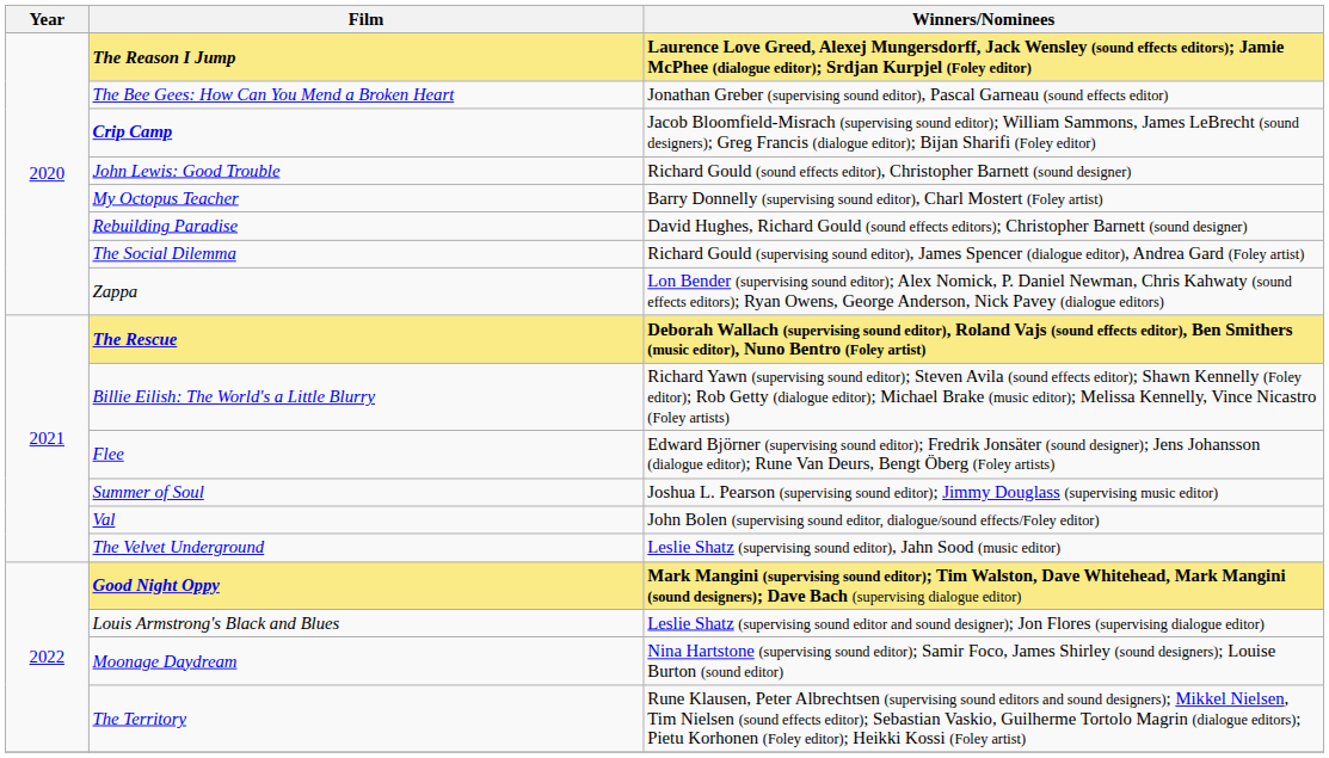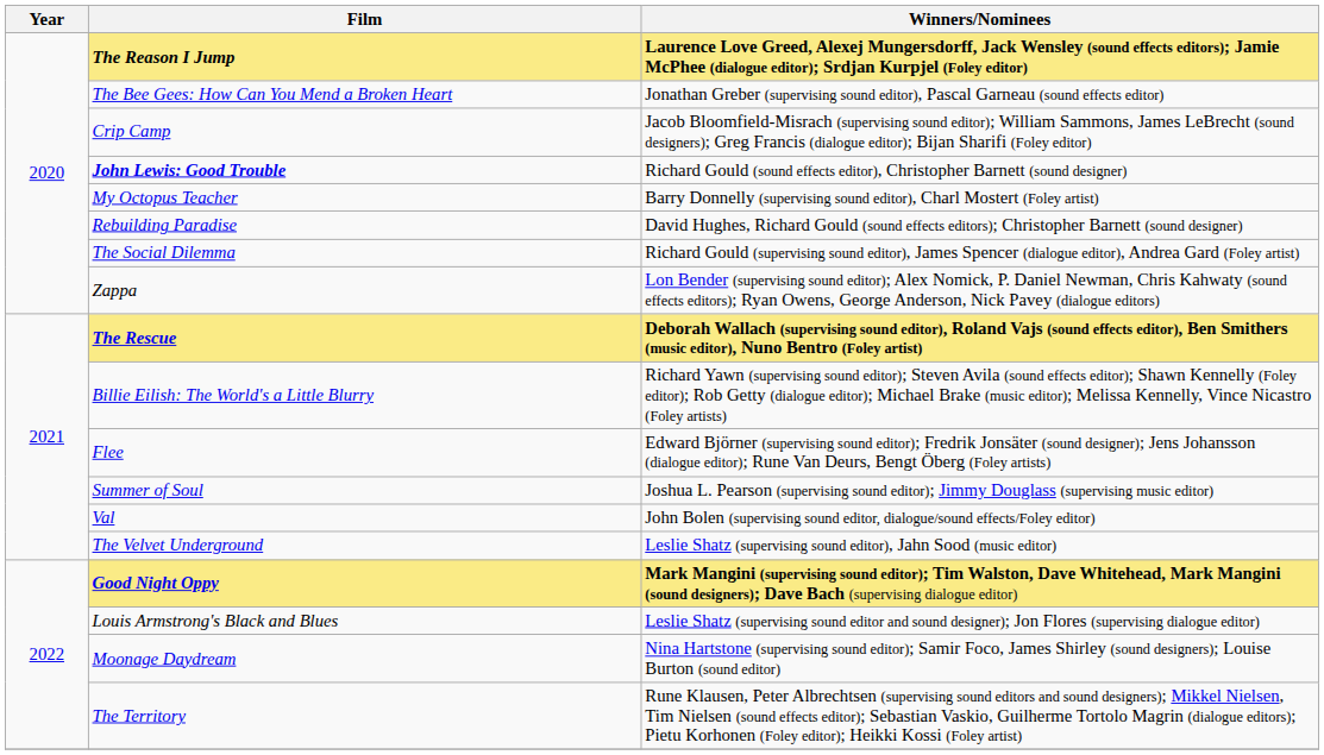 <table class="wikitable" width="95%" cellpadding="5">
 <tr>
 <th width="6%">Year</th>
 <th width="40%">Film</th>
 <th width="49%">Winners/Nominees</th>
 </tr>
 <tr>
 <td rowspan=8 style="text-align:center"><a href='#'>2020</a><br></td>
 <td style="background:#FAEB86;"><strong><em>The Reason I Jump</em></strong></td>
 <td style="background:#FAEB86;"><strong>Laurence Love Greed, Alexej Mungersdorff, Jack Wensley <small>(sound effects editors)</small>; Jamie McPhee <small>(dialogue editor)</small>; Srdjan Kurpjel <small>(Foley editor)</small></strong></td>
 </tr>
 <tr>
 <td><em><a href='#'>The Bee Gees: How Can You Mend a Broken Heart</a></em></td>
 <td>Jonathan Greber <small>(supervising sound editor)</small>, Pascal Garneau <small>(sound effects editor)</small></td>
 </tr>
 <tr>
-<td><strong><em><a href='#'>Crip Camp</a></em></strong></td>
+<td><em><a href='#'>Crip Camp</a></em></td>
 <td>Jacob Bloomfield-Misrach <small>(supervising sound editor)</small>; William Sammons, James LeBrecht <small>(sound designers)</small>; Greg Francis <small>(dialogue editor)</small>; Bijan Sharifi <small>(Foley editor)</small></td>
 </tr>
 <tr>
-<td><em><a href='#'>John Lewis: Good Trouble</a></em></td>
+<td><strong><em><a href='#'>John Lewis: Good Trouble</a></em></strong></td>
 <td>Richard Gould <small>(sound effects editor)</small>, Christopher Barnett <small>(sound designer)</small></td>
 </tr>
 <tr>
 <td><em><a href='#'>My Octopus Teacher</a></em></td>
 <td>Barry Donnelly <small>(supervising sound editor)</small>, Charl Mostert <small>(Foley artist)</small></td>
 </tr>
 <tr>
 <td><em><a href='#'>Rebuilding Paradise</a></em></td>
 <td>David Hughes, Richard Gould <small>(sound effects editors)</small>; Christopher Barnett <small>(sound designer)</small></td>
 </tr>
 <tr>
 <td><em><a href='#'>The Social Dilemma</a></em></td>
 <td>Richard Gould <small>(supervising sound editor)</small>, James Spencer <small>(dialogue editor)</small>, Andrea Gard <small>(Foley artist)</small></td>
 </tr>
 <tr>
 <td><em>Zappa</em></td>
 <td><a href='#'>Lon Bender</a> <small>(supervising sound editor)</small>; Alex Nomick, P. Daniel Newman, Chris Kahwaty <small>(sound effects editors)</small>; Ryan Owens, George Anderson, Nick Pavey <small>(dialogue editors)</small></td>
 </tr>
 <tr>
 <td rowspan=6 style="text-align:center"><a href='#'>2021</a><br></td>
 <td style="background:#FAEB86;"><strong><em><a href='#'>The Rescue</a></em></strong></td>
 <td style="background:#FAEB86;"><strong>Deborah Wallach <small>(supervising sound editor)</small>, Roland Vajs <small>(sound effects editor)</small>, Ben Smithers <small>(music editor)</small>, Nuno Bentro <small>(Foley artist)</small></strong></td>
 </tr>
 <tr>
 <td><em><a href='#'>Billie Eilish: The World's a Little Blurry</a></em></td>
 <td>Richard Yawn <small>(supervising sound editor)</small>; Steven Avila <small>(sound effects editor)</small>; Shawn Kennelly <small>(Foley editor)</small>; Rob Getty <small>(dialogue editor)</small>; Michael Brake <small>(music editor)</small>; Melissa Kennelly, Vince Nicastro <small>(Foley artists)</small></td>
 </tr>
 <tr>
 <td><em><a href='#'>Flee</a></em></td>
 <td>Edward Björner <small>(supervising sound editor)</small>; Fredrik Jonsäter <small>(sound designer)</small>; Jens Johansson <small>(dialogue editor)</small>; Rune Van Deurs, Bengt Öberg <small>(Foley artists)</small></td>
 </tr>
 <tr>
 <td><em><a href='#'>Summer of Soul</a></em></td>
 <td>Joshua L. Pearson <small>(supervising sound editor)</small>; <a href='#'>Jimmy Douglass</a> <small>(supervising music editor)</small></td>
 </tr>
 <tr>
 <td><em><a href='#'>Val</a></em></td>
 <td>John Bolen <small>(supervising sound editor, dialogue/sound effects/Foley editor)</small></td>
 </tr>
 <tr>
 <td><em><a href='#'>The Velvet Underground</a></em></td>
 <td><a href='#'>Leslie Shatz</a> <small>(supervising sound editor)</small>, Jahn Sood <small>(music editor)</small></td>
 </tr>
 <tr>
 <td rowspan=4 style="text-align:center"><a href='#'>2022</a><br></td>
 <td style="background:#FAEB86;"><strong><em><a href='#'>Good Night Oppy</a></em></strong></td>
 <td style="background:#FAEB86;"><strong>Mark Mangini <small>(supervising sound editor)</small>; Tim Walston, Dave Whitehead, Mark Mangini <small>(sound designers)</small>; Dave Bach</strong> <small>(supervising dialogue editor)</small></td>
 </tr>
 <tr>
 <td><em>Louis Armstrong's Black and Blues</em></td>
 <td><a href='#'>Leslie Shatz</a> <small>(supervising sound editor and sound designer)</small>; Jon Flores <small>(supervising dialogue editor)</small></td>
 </tr>
 <tr>
 <td><em><a href='#'>Moonage Daydream</a></em></td>
 <td><a href='#'>Nina Hartstone</a> <small>(supervising sound editor)</small>; Samir Foco, James Shirley <small>(sound designers)</small>; Louise Burton <small>(sound editor)</small></td>
 </tr>
 <tr>
 <td><em><a href='#'>The Territory</a></em></td>
 <td>Rune Klausen, Peter Albrechtsen <small>(supervising sound editors and sound designers)</small>; <a href='#'>Mikkel Nielsen</a>, Tim Nielsen <small>(sound effects editor)</small>; Sebastian Vaskio, Guilherme Tortolo Magrin <small>(dialogue editors)</small>; Pietu Korhonen <small>(Foley editor)</small>; Heikki Kossi <small>(Foley artist)</small></td>
 </tr>
 <tr>
 </tr>
 </table>
